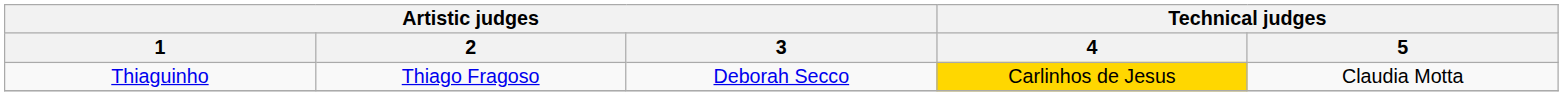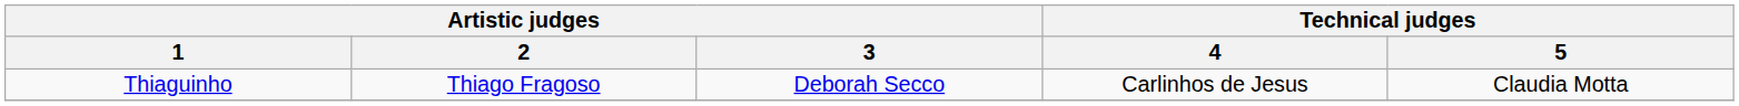 <table class="wikitable" style="font-size:100%; line-height:16px; text-align:center" width="100%">
 <tr TBA>
 <th colspan=3>Artistic judges</th>
 <th colspan=2>Technical judges</th>
 </tr>
 <tr>
 <th width="20.0%">1</th>
 <th width="20.0%">2</th>
 <th width="20.0%">3</th>
 <th width="20.0%">4</th>
 <th width="20.0%">5</th>
 </tr>
 <tr>
 <td><a href='#'>Thiaguinho</a></td>
 <td><a href='#'>Thiago Fragoso</a></td>
 <td><a href='#'>Deborah Secco</a></td>
-<td style="background: gold;">Carlinhos de Jesus</td>
+<td>Carlinhos de Jesus</td>
 <td>Claudia Motta</td>
 </tr>
 <tr>
 </tr>
 </table>
